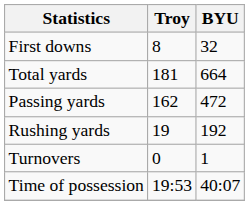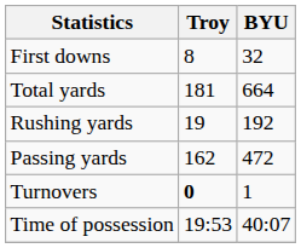 <table class="wikitable">
 <tr>
 <th>Statistics</th>
 <th>Troy</th>
 <th>BYU</th>
 </tr>
 <tr>
 <td>First downs</td>
 <td>8</td>
 <td>32</td>
 </tr>
 <tr>
 <td>Total yards</td>
 <td>181</td>
 <td>664</td>
 </tr>
 <tr>
+<td>Rushing yards</td>
+<td>19</td>
+<td>192</td>
+</tr>
+<tr>
 <td>Passing yards</td>
 <td>162</td>
 <td>472</td>
 </tr>
 <tr>
-<td>Rushing yards</td>
-<td>19</td>
-<td>192</td>
-</tr>
-<tr>
 <td>Turnovers</td>
-<td>0</td>
+<td><strong>0</strong></td>
 <td>1</td>
 </tr>
 <tr>
 <td>Time of possession</td>
 <td>19:53</td>
 <td>40:07</td>
 </tr>
 <tr>
 </tr>
 </table>
